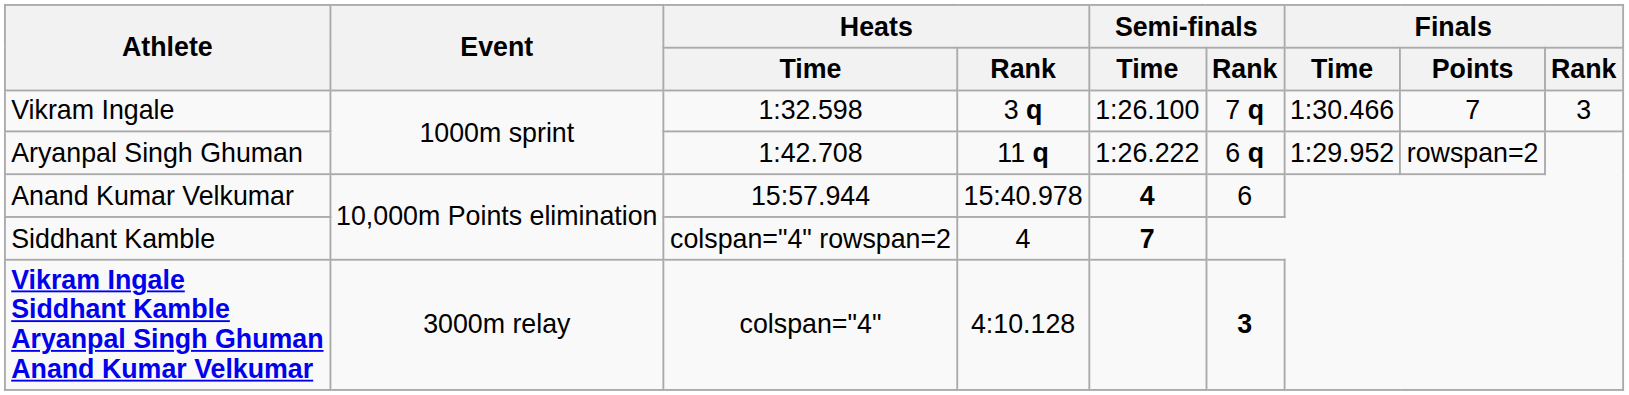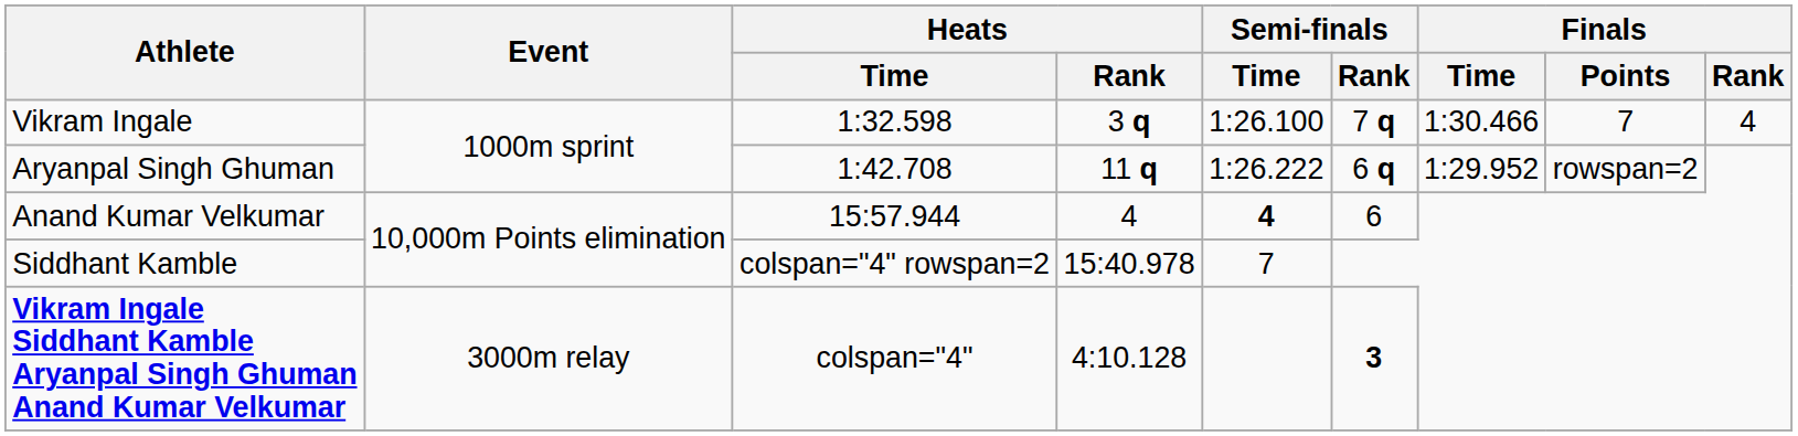 <table class=wikitable style=font-size:90%;text-align:center>
 <tr>
 <th rowspan="2">Athlete</th>
 <th rowspan="2">Event</th>
 <th colspan="2">Heats</th>
 <th colspan="2">Semi-finals</th>
 <th colspan="3">Finals</th>
 </tr>
 <tr>
 <th>Time</th>
 <th>Rank</th>
 <th>Time</th>
 <th>Rank</th>
 <th>Time</th>
 <th>Points</th>
 <th>Rank</th>
 </tr>
 <tr>
 <td align="left">Vikram Ingale</td>
 <td rowspan="2">1000m sprint</td>
 <td>1:32.598</td>
 <td>3 <strong>q</strong></td>
 <td>1:26.100</td>
 <td>7 <strong>q</strong></td>
 <td>1:30.466</td>
 <td>7</td>
-<td>3</td>
+<td>4</td>
 </tr>
 <tr>
 <td align="left">Aryanpal Singh Ghuman</td>
 <td>1:42.708</td>
 <td>11 <strong>q</strong></td>
 <td>1:26.222</td>
 <td>6 <strong>q</strong></td>
 <td>1:29.952</td>
 <td>rowspan=2 </td>
 </tr>
 <tr>
 <td align="left">Anand Kumar Velkumar</td>
 <td rowspan="2">10,000m Points elimination</td>
 <td>15:57.944</td>
-<td>15:40.978</td>
+<td>4</td>
 <td><strong>4</strong></td>
 <td>6</td>
 </tr>
 <tr>
 <td align="left">Siddhant Kamble</td>
 <td>colspan="4" rowspan=2 </td>
-<td>4</td>
-<td><strong>7</strong></td>
+<td>15:40.978</td>
+<td>7</td>
 </tr>
 <tr>
 <td align="left"><strong><a href='#'>Vikram Ingale</a><br><a href='#'>Siddhant Kamble</a><br><a href='#'>Aryanpal Singh Ghuman</a><br><a href='#'>Anand Kumar Velkumar</a></strong></td>
 <td>3000m relay</td>
 <td>colspan="4" </td>
 <td>4:10.128</td>
 <td></td>
 <td><strong>3</strong></td>
 </tr>
 </table>
